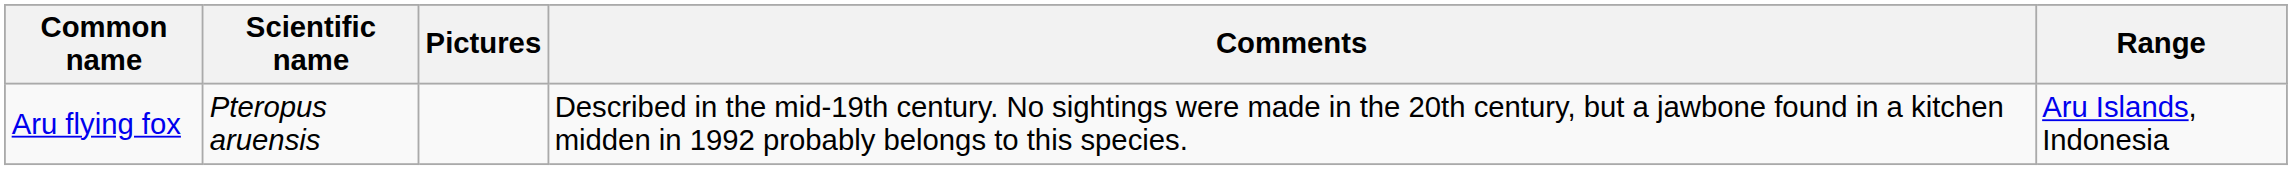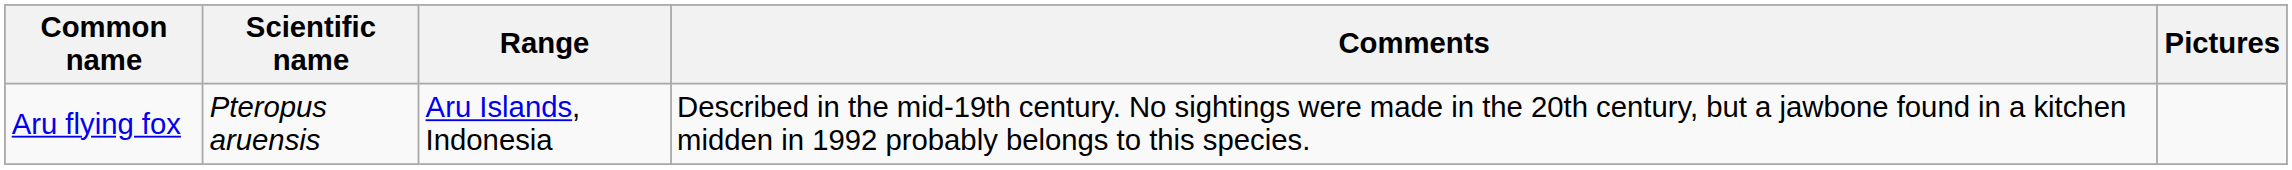 <table class="wikitable">
 <tr>
 <th>Common name</th>
 <th>Scientific name</th>
+<th>Range</th>
+<th class="unsortable">Comments</th>
 <th class="unsortable">Pictures</th>
-<th class="unsortable">Comments</th>
-<th>Range</th>
 </tr>
 <tr>
 <td><a href='#'>Aru flying fox</a></td>
 <td><em>Pteropus aruensis</em></td>
+<td><a href='#'>Aru Islands</a>, Indonesia</td>
+<td>Described in the mid-19th century. No sightings were made in the 20th century, but a jawbone found in a kitchen midden in 1992 probably belongs to this species.</td>
 <td></td>
-<td>Described in the mid-19th century. No sightings were made in the 20th century, but a jawbone found in a kitchen midden in 1992 probably belongs to this species.</td>
-<td><a href='#'>Aru Islands</a>, Indonesia</td>
 </tr>
 </table>
